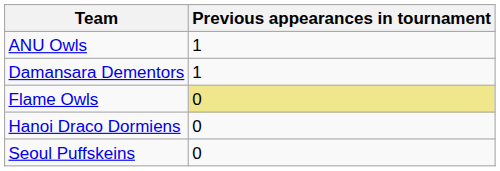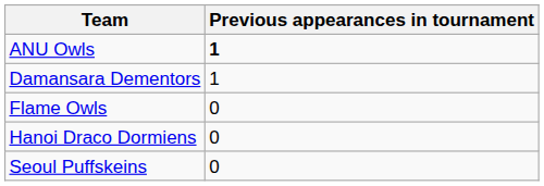 <table class="wikitable" style="font-size: 95%;">
 <tr>
 <th>Team</th>
 <th>Previous appearances in tournament</th>
 </tr>
 <tr>
 <td> <a href='#'>ANU Owls</a></td>
-<td>1</td>
+<td><strong>1</strong></td>
 </tr>
 <tr>
 <td> <a href='#'>Damansara Dementors</a></td>
 <td>1</td>
 </tr>
 <tr>
 <td> <a href='#'>Flame Owls</a></td>
-<td style="background: khaki;">0</td>
+<td>0</td>
 </tr>
 <tr>
 <td> <a href='#'>Hanoi Draco Dormiens</a></td>
 <td>0</td>
 </tr>
 <tr>
 <td> <a href='#'>Seoul Puffskeins</a></td>
 <td>0</td>
 </tr>
 </table>
